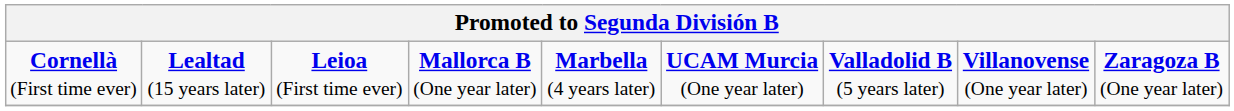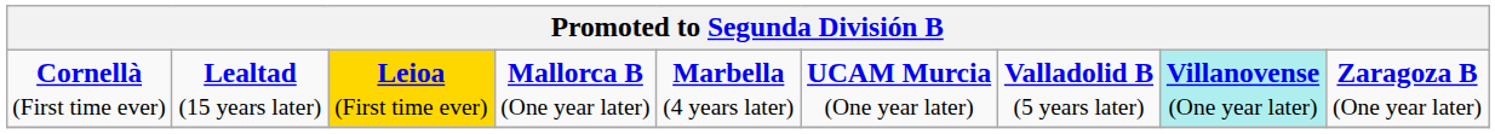 <table class="wikitable" style="text-align: center; margin: 0 auto;">
 <tr>
 <th colspan="9">Promoted to <a href='#'>Segunda División B</a></th>
 </tr>
 <tr>
 <td><strong><a href='#'>Cornellà</a></strong><br><small>(First time ever)</small></td>
 <td><strong><a href='#'>Lealtad</a></strong><br><small>(15 years later)</small></td>
-<td><strong><a href='#'>Leioa</a></strong><br><small>(First time ever)</small></td>
+<td style="background: gold;"><strong><a href='#'>Leioa</a></strong><br><small>(First time ever)</small></td>
 <td><strong><a href='#'>Mallorca B</a></strong><br><small>(One year later)</small></td>
 <td><strong><a href='#'>Marbella</a></strong><br><small>(4 years later)</small></td>
 <td><strong><a href='#'>UCAM Murcia</a></strong><br><small>(One year later)</small></td>
 <td><strong><a href='#'>Valladolid B</a></strong><br><small>(5 years later)</small></td>
-<td><strong><a href='#'>Villanovense</a></strong><br><small>(One year later)</small></td>
+<td style="background: paleturquoise;"><strong><a href='#'>Villanovense</a></strong><br><small>(One year later)</small></td>
 <td><strong><a href='#'>Zaragoza B</a></strong><br><small>(One year later)</small></td>
 </tr>
 <tr>
 </tr>
 </table>
